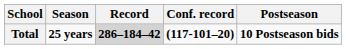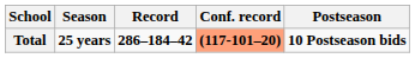 <table class="wikitable">
 <tr>
 <th>School</th>
 <th>Season</th>
 <th>Record</th>
 <th>Conf. record</th>
 <th>Postseason</th>
 </tr>
 <tr>
 <th><strong>Total</strong></th>
 <td><strong>25 years</strong></td>
-<td style="background: lightgrey;"><strong>286–184–42</strong></td>
-<td><strong>(117-101–20)</strong></td>
+<td><strong>286–184–42</strong></td>
+<td style="background: lightsalmon;"><strong>(117-101–20)</strong></td>
 <td><strong>10 Postseason bids</strong></td>
 </tr>
 </table>
